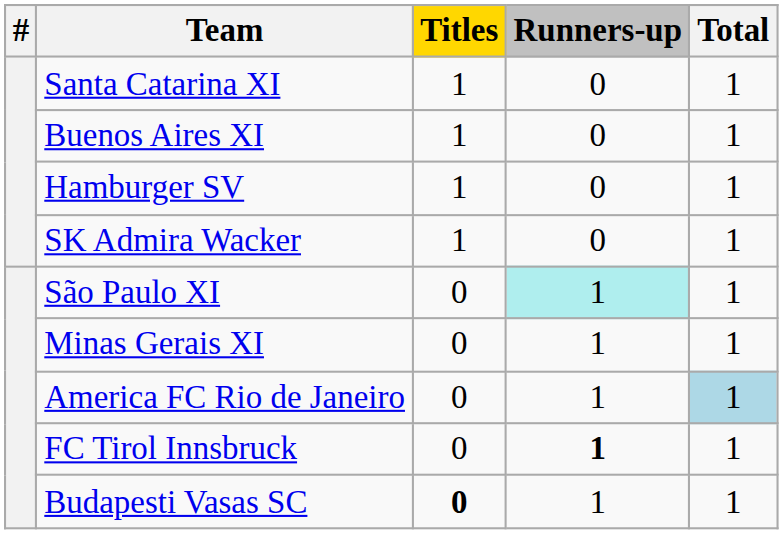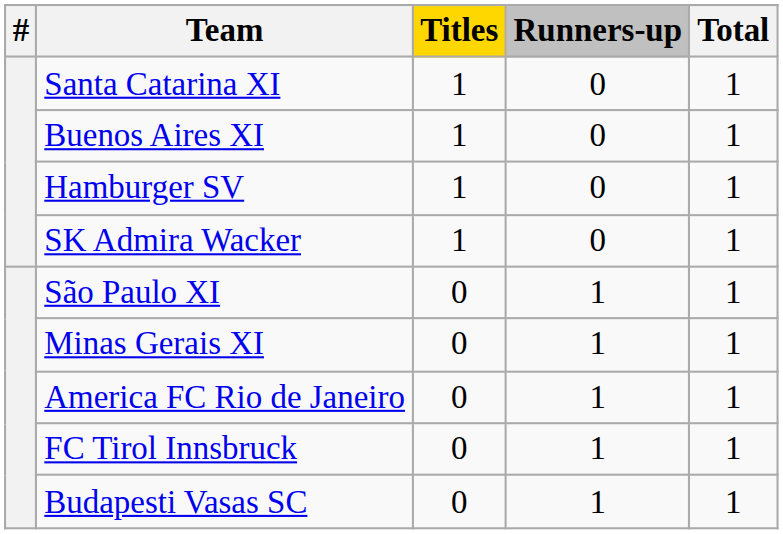 <table class="wikitable plainrowheaders sortable" style="text-align: center;">
 <tr>
 <th>#</th>
 <th>Team</th>
 <th style="background:gold;"> Titles</th>
 <th style="background:silver;"> Runners-up</th>
 <th>Total</th>
 </tr>
 <tr>
 <th rowspan="4" style="text-align: center;"></th>
 <td align=left> <a href='#'>Santa Catarina XI</a></td>
 <td>1</td>
 <td>0</td>
 <td>1</td>
 </tr>
 <tr>
 <td align=left> <a href='#'>Buenos Aires XI</a></td>
 <td>1</td>
 <td>0</td>
 <td>1</td>
 </tr>
 <tr>
 <td align=left> <a href='#'>Hamburger SV</a></td>
 <td>1</td>
 <td>0</td>
 <td>1</td>
 </tr>
 <tr>
 <td align=left> <a href='#'>SK Admira Wacker</a></td>
 <td>1</td>
 <td>0</td>
 <td>1</td>
 </tr>
 <tr>
 <th rowspan="5" style="text-align: center;"></th>
 <td align=left> <a href='#'>São Paulo XI</a></td>
 <td>0</td>
-<td style="background: paleturquoise;">1</td>
+<td>1</td>
 <td>1</td>
 </tr>
 <tr>
 <td align=left> <a href='#'>Minas Gerais XI</a></td>
 <td>0</td>
 <td>1</td>
 <td>1</td>
 </tr>
 <tr>
 <td align=left> <a href='#'>America FC Rio de Janeiro</a></td>
 <td>0</td>
 <td>1</td>
-<td style="background: lightblue;">1</td>
+<td>1</td>
 </tr>
 <tr>
 <td align=left> <a href='#'>FC Tirol Innsbruck</a></td>
 <td>0</td>
-<td><strong>1</strong></td>
+<td>1</td>
 <td>1</td>
 </tr>
 <tr>
 <td align=left> <a href='#'>Budapesti Vasas SC</a></td>
-<td><strong>0</strong></td>
+<td>0</td>
 <td>1</td>
 <td>1</td>
 </tr>
 </table>
